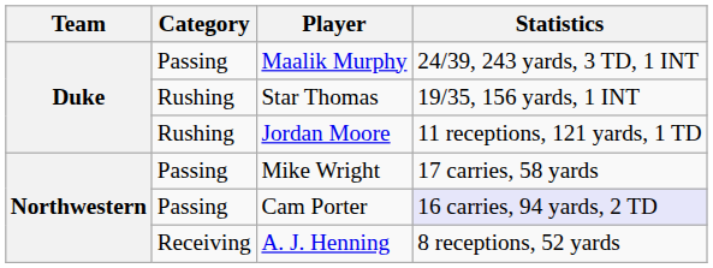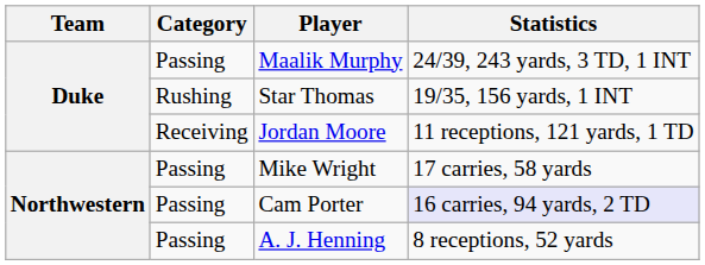 <table class="wikitable" style="float:right">
 <tr>
 <th>Team</th>
 <th>Category</th>
 <th>Player</th>
 <th>Statistics</th>
 </tr>
 <tr>
 <th rowspan=3>Duke</th>
 <td>Passing</td>
 <td><a href='#'>Maalik Murphy</a></td>
 <td>24/39, 243 yards, 3 TD, 1 INT</td>
 </tr>
 <tr>
 <td>Rushing</td>
 <td>Star Thomas</td>
 <td>19/35, 156 yards, 1 INT</td>
 </tr>
 <tr>
-<td>Rushing</td>
+<td>Receiving</td>
 <td><a href='#'>Jordan Moore</a></td>
 <td>11 receptions, 121 yards, 1 TD</td>
 </tr>
 <tr>
 <th rowspan=3>Northwestern</th>
 <td>Passing</td>
 <td>Mike Wright</td>
 <td>17 carries, 58 yards</td>
 </tr>
 <tr>
 <td>Passing</td>
 <td>Cam Porter</td>
 <td style="background: lavender;">16 carries, 94 yards, 2 TD</td>
 </tr>
 <tr>
-<td>Receiving</td>
+<td>Passing</td>
 <td><a href='#'>A. J. Henning</a></td>
 <td>8 receptions, 52 yards</td>
 </tr>
 </table>
